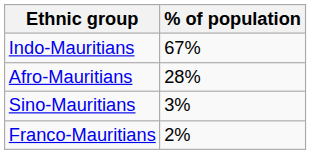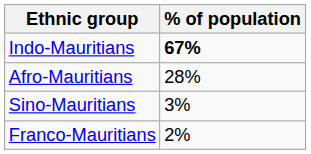 <table class="wikitable sortable">
 <tr>
 <th>Ethnic group</th>
 <th>% of population</th>
 </tr>
 <tr>
 <td><a href='#'>Indo-Mauritians</a></td>
-<td>67%</td>
+<td><strong>67%</strong></td>
 </tr>
 <tr>
 <td><a href='#'>Afro-Mauritians</a></td>
 <td>28%</td>
 </tr>
 <tr>
 <td><a href='#'>Sino-Mauritians</a></td>
 <td>3%</td>
 </tr>
 <tr>
 <td><a href='#'>Franco-Mauritians</a></td>
 <td>2%</td>
 </tr>
 </table>
